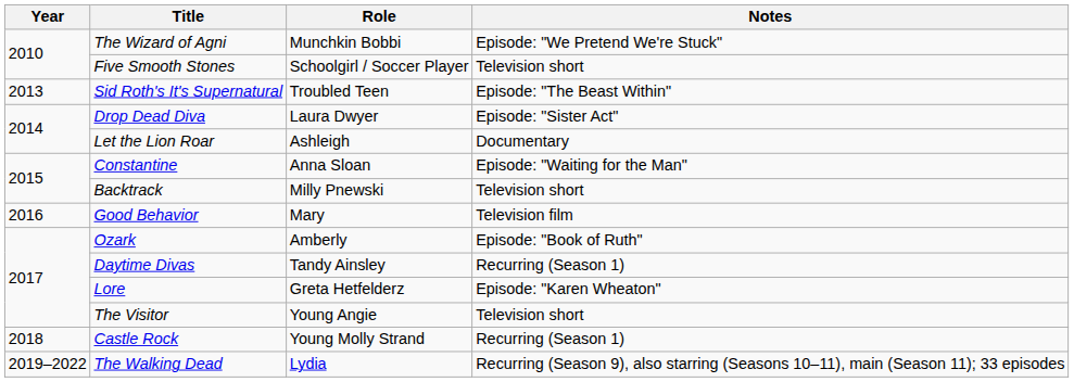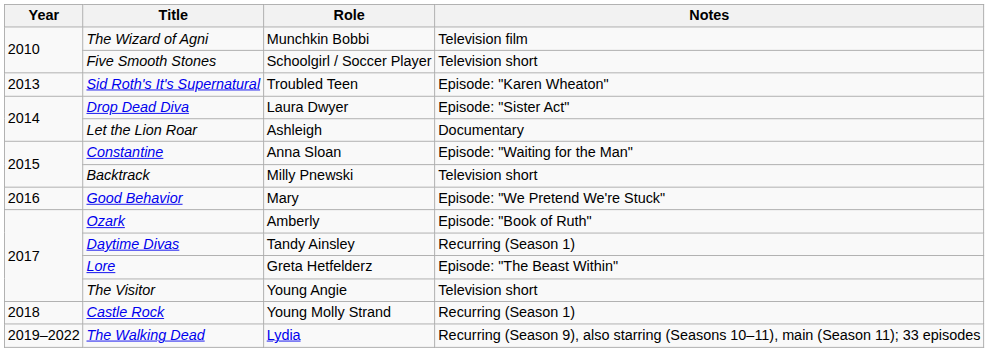 <table class="wikitable">
 <tr>
 <th>Year</th>
 <th>Title</th>
 <th>Role</th>
 <th>Notes</th>
 </tr>
 <tr>
 <td rowspan="2">2010</td>
 <td><em>The Wizard of Agni</em></td>
 <td>Munchkin Bobbi</td>
-<td>Episode: "We Pretend We're Stuck"</td>
+<td>Television film</td>
 </tr>
 <tr>
 <td><em>Five Smooth Stones</em></td>
 <td>Schoolgirl / Soccer Player</td>
 <td>Television short</td>
 </tr>
 <tr>
 <td>2013</td>
 <td><em><a href='#'>Sid Roth's It's Supernatural</a></em></td>
 <td>Troubled Teen</td>
-<td>Episode: "The Beast Within"</td>
+<td>Episode: "Karen Wheaton"</td>
 </tr>
 <tr>
 <td rowspan="2">2014</td>
 <td><em><a href='#'>Drop Dead Diva</a></em></td>
 <td>Laura Dwyer</td>
 <td>Episode: "Sister Act"</td>
 </tr>
 <tr>
 <td><em>Let the Lion Roar</em></td>
 <td>Ashleigh</td>
 <td>Documentary</td>
 </tr>
 <tr>
 <td rowspan="2">2015</td>
 <td><em><a href='#'>Constantine</a></em></td>
 <td>Anna Sloan</td>
 <td>Episode: "Waiting for the Man"</td>
 </tr>
 <tr>
 <td><em>Backtrack</em></td>
 <td>Milly Pnewski</td>
 <td>Television short</td>
 </tr>
 <tr>
 <td>2016</td>
 <td><em><a href='#'>Good Behavior</a></em></td>
 <td>Mary</td>
-<td>Television film</td>
+<td>Episode: "We Pretend We're Stuck"</td>
 </tr>
 <tr>
 <td rowspan="4">2017</td>
 <td><em><a href='#'>Ozark</a></em></td>
 <td>Amberly</td>
 <td>Episode: "Book of Ruth"</td>
 </tr>
 <tr>
 <td><em><a href='#'>Daytime Divas</a></em></td>
 <td>Tandy Ainsley</td>
 <td>Recurring (Season 1)</td>
 </tr>
 <tr>
 <td><em><a href='#'>Lore</a></em></td>
 <td>Greta Hetfelderz</td>
-<td>Episode: "Karen Wheaton"</td>
+<td>Episode: "The Beast Within"</td>
 </tr>
 <tr>
 <td><em>The Visitor</em></td>
 <td>Young Angie</td>
 <td>Television short</td>
 </tr>
 <tr>
 <td>2018</td>
 <td><em><a href='#'>Castle Rock</a></em></td>
 <td>Young Molly Strand</td>
 <td>Recurring (Season 1)</td>
 </tr>
 <tr>
 <td>2019–2022</td>
 <td><em><a href='#'>The Walking Dead</a></em></td>
 <td><a href='#'>Lydia</a></td>
 <td>Recurring (Season 9), also starring (Seasons 10–11), main (Season 11); 33 episodes</td>
 </tr>
 </table>
